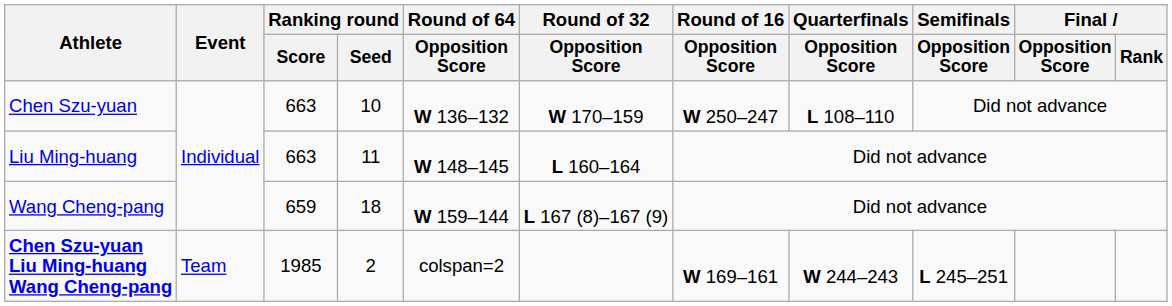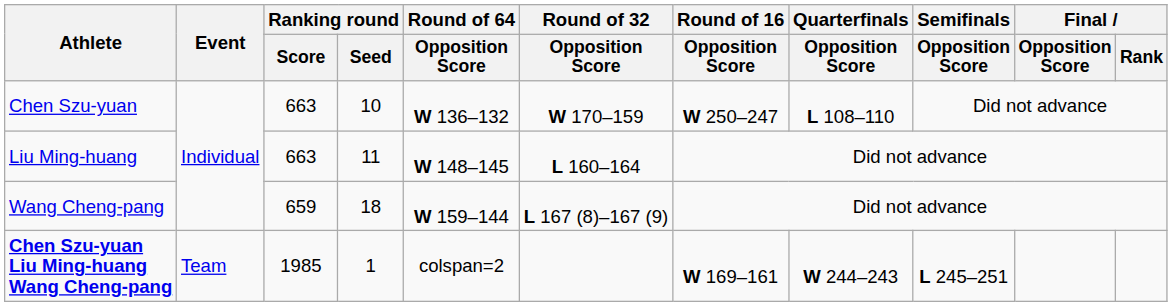 <table class="wikitable" style="font-size:90%">
 <tr>
 <th rowspan="2">Athlete</th>
 <th rowspan="2">Event</th>
 <th colspan="2">Ranking round</th>
 <th>Round of 64</th>
 <th>Round of 32</th>
 <th>Round of 16</th>
 <th>Quarterfinals</th>
 <th>Semifinals</th>
 <th colspan="2">Final / </th>
 </tr>
 <tr style="font-size:95%">
 <th>Score</th>
 <th>Seed</th>
 <th>Opposition<br>Score</th>
 <th>Opposition<br>Score</th>
 <th>Opposition<br>Score</th>
 <th>Opposition<br>Score</th>
 <th>Opposition<br>Score</th>
 <th>Opposition<br>Score</th>
 <th>Rank</th>
 </tr>
 <tr align=center>
 <td align=left><a href='#'>Chen Szu-yuan</a></td>
 <td align=left rowspan=3><a href='#'>Individual</a></td>
 <td>663</td>
 <td>10</td>
 <td><br><strong>W</strong> 136–132</td>
 <td><br><strong>W</strong> 170–159</td>
 <td><br><strong>W</strong> 250–247</td>
 <td><br><strong>L</strong> 108–110</td>
 <td colspan=3>Did not advance</td>
 </tr>
 <tr align=center>
 <td align=left><a href='#'>Liu Ming-huang</a></td>
 <td>663</td>
 <td>11</td>
 <td><br><strong>W</strong> 148–145</td>
 <td><br><strong>L</strong> 160–164</td>
 <td colspan=5>Did not advance</td>
 </tr>
 <tr align=center>
 <td align=left><a href='#'>Wang Cheng-pang</a></td>
 <td>659</td>
 <td>18</td>
 <td><br><strong>W</strong> 159–144</td>
 <td><br><strong>L</strong> 167 (8)–167 (9)</td>
 <td colspan=5>Did not advance</td>
 </tr>
 <tr align=center>
 <td align=left><strong><a href='#'>Chen Szu-yuan</a><br><a href='#'>Liu Ming-huang</a><br><a href='#'>Wang Cheng-pang</a></strong></td>
 <td align=left><a href='#'>Team</a></td>
 <td>1985</td>
-<td>2</td>
+<td>1</td>
 <td>colspan=2 </td>
 <td></td>
 <td><br><strong>W</strong> 169–161</td>
 <td><br><strong>W</strong> 244–243</td>
 <td><br><strong>L</strong> 245–251</td>
 <td></td>
 </tr>
 </table>
